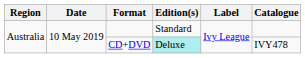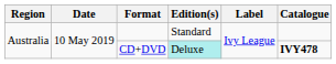 <table class="wikitable plainrowheaders">
 <tr>
 <th scope="col">Region</th>
 <th scope="col">Date</th>
 <th scope="col">Format</th>
 <th scope="col">Edition(s)</th>
 <th scope="col">Label</th>
 <th scope="col">Catalogue</th>
 </tr>
 <tr>
 <td rowspan="2">Australia</td>
 <td rowspan="2">10 May 2019</td>
 <td></td>
 <td>Standard</td>
 <td rowspan="2"><a href='#'>Ivy League</a></td>
 <td></td>
 </tr>
 <tr>
 <td><a href='#'>CD</a>+<a href='#'>DVD</a></td>
 <td style="background: paleturquoise;">Deluxe</td>
-<td>IVY478</td>
+<td><strong>IVY478</strong></td>
 </tr>
 </table>
